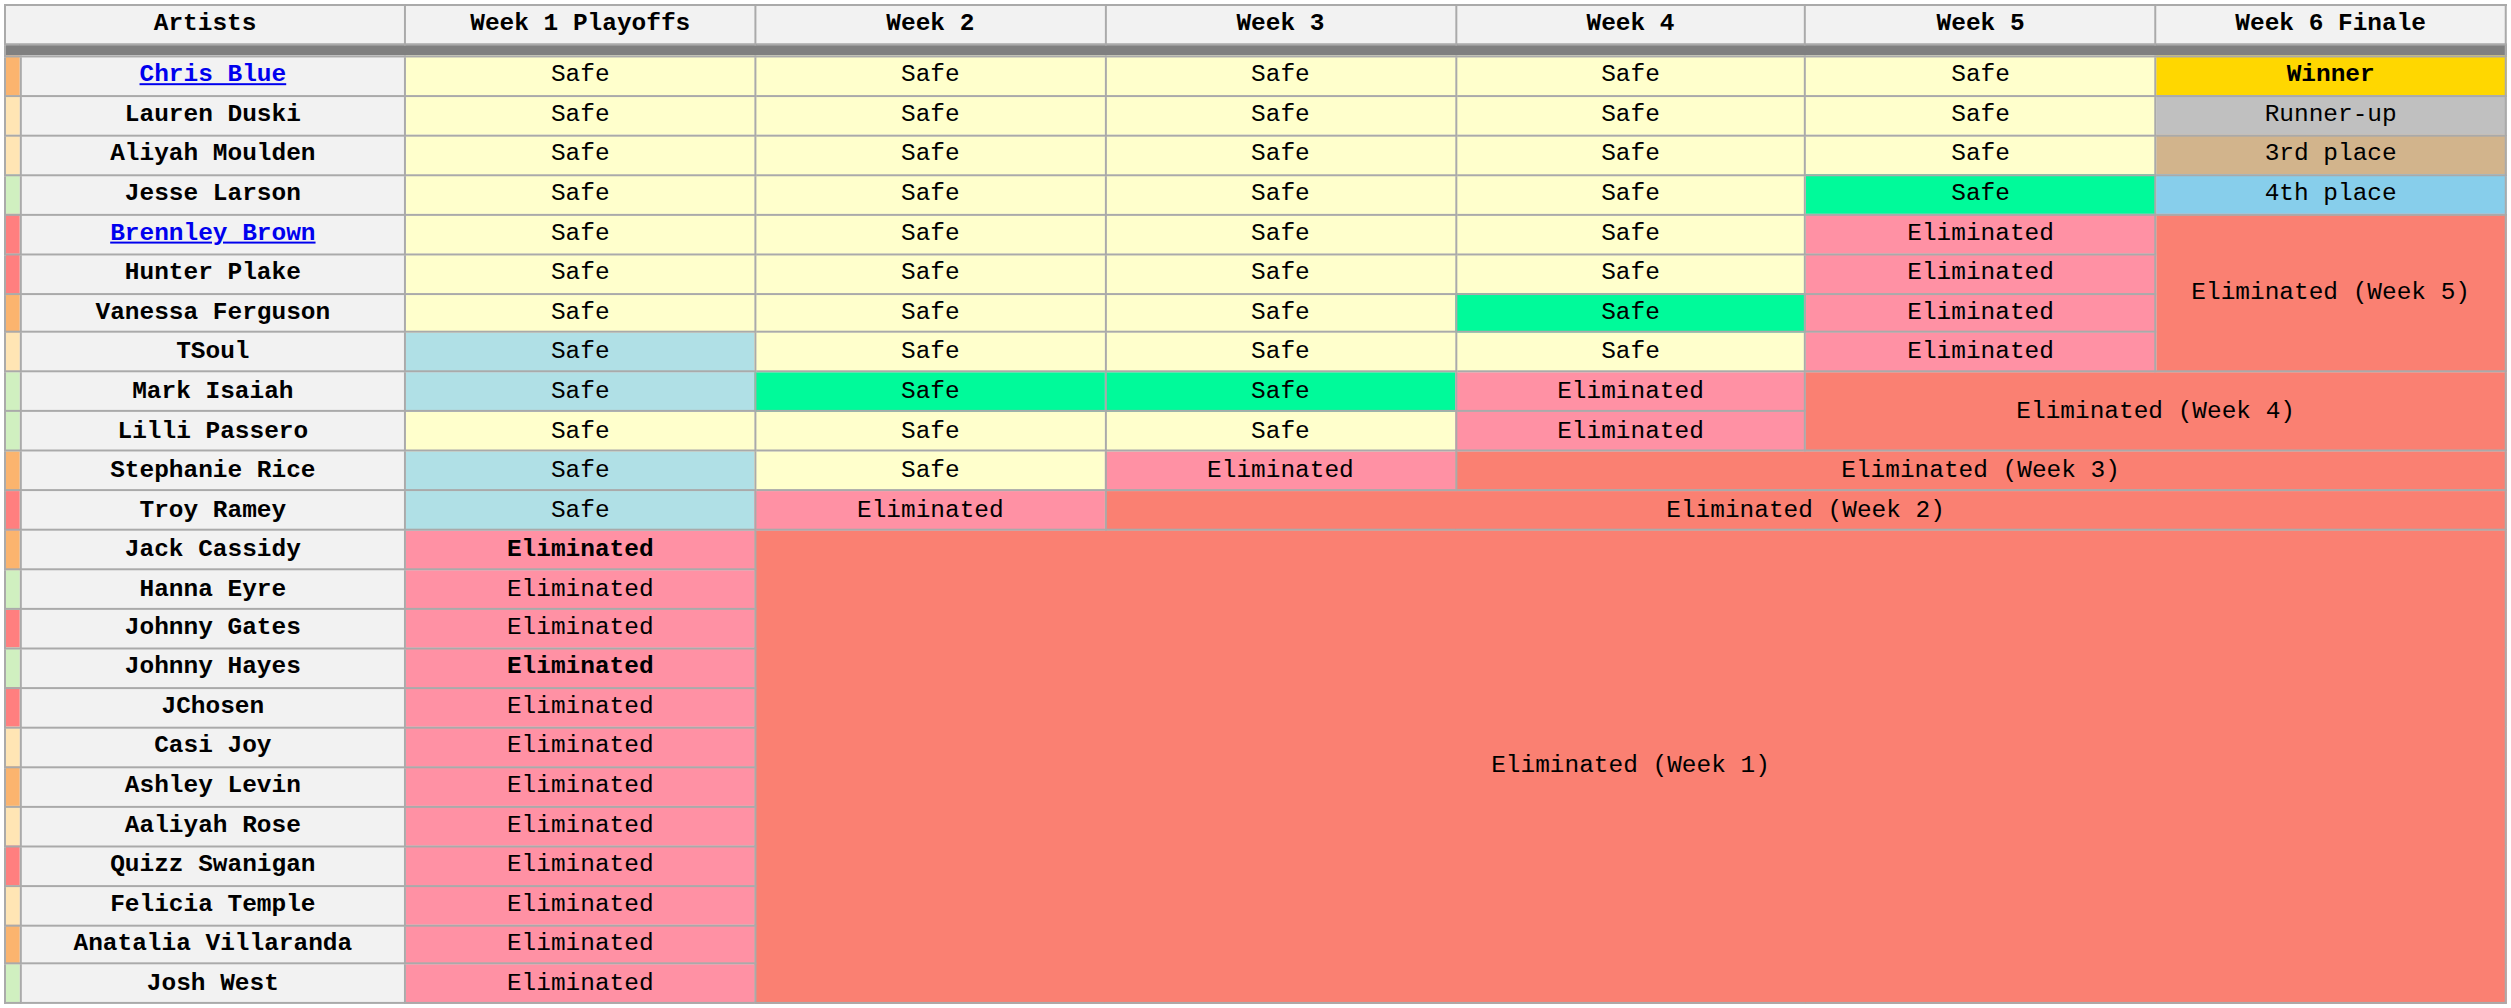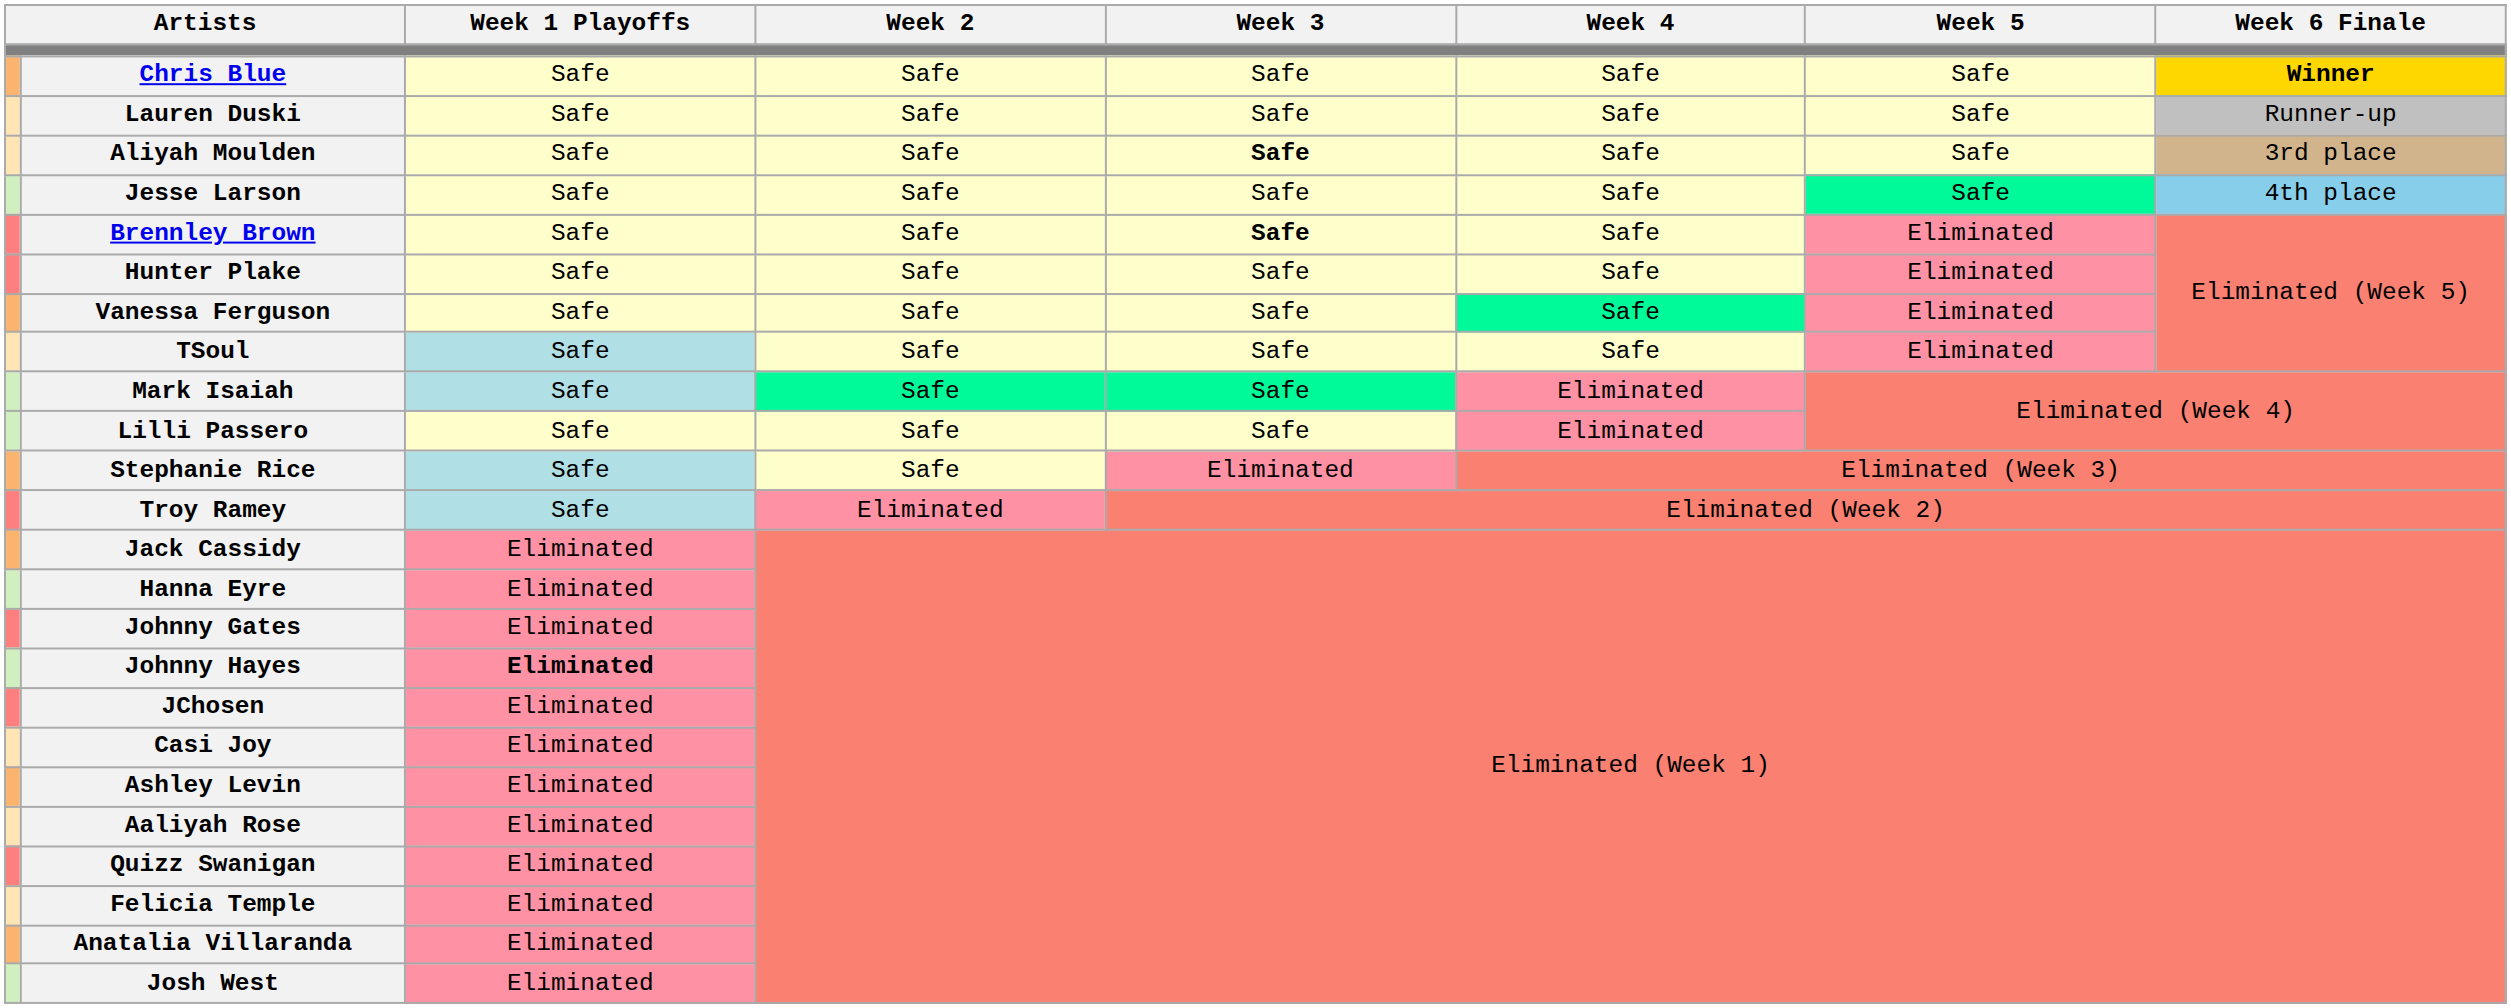 <table class="wikitable"  style="text-align:center; font-size:95%; width:100%;">
 <tr>
 </tr>
 <tr>
 <th colspan="2">Artists</th>
 <th style="width:14%;">Week 1 Playoffs</th>
 <th style="width:14%;">Week 2</th>
 <th style="width:14%;">Week 3</th>
 <th style="width:14%;">Week 4</th>
 <th style="width:14%;">Week 5</th>
 <th style="width:14%;">Week 6 Finale</th>
 </tr>
 <tr>
 <th colspan="9" style="background:gray;"></th>
 </tr>
 <tr>
 <th style="background:#fbb46e;"></th>
 <th><a href='#'>Chris Blue</a></th>
 <td style="background:#FFFFCC;">Safe</td>
 <td style="background:#FFFFCC;">Safe</td>
 <td style="background:#FFFFCC;">Safe</td>
 <td style="background:#FFFFCC;">Safe</td>
 <td style="background:#FFFFCC;">Safe</td>
 <td style="background:gold;"><strong>Winner</strong></td>
 </tr>
 <tr>
 <th style="background:#ffe5b4;"></th>
 <th>Lauren Duski</th>
 <td style="background:#FFFFCC;">Safe</td>
 <td style="background:#FFFFCC;">Safe</td>
 <td style="background:#FFFFCC;">Safe</td>
 <td style="background:#FFFFCC;">Safe</td>
 <td style="background:#FFFFCC;">Safe</td>
 <td style="background:silver;">Runner-up</td>
 </tr>
 <tr>
 <th style="background:#ffe5b4;"></th>
 <th>Aliyah Moulden</th>
 <td style="background:#FFFFCC;">Safe</td>
 <td style="background:#FFFFCC;">Safe</td>
-<td style="background:#FFFFCC;">Safe</td>
+<td style="background:#FFFFCC;"><strong>Safe</strong></td>
 <td style="background:#FFFFCC;">Safe</td>
 <td style="background:#FFFFCC;">Safe</td>
 <td style="background:tan;">3rd place</td>
 </tr>
 <tr>
 <th style="background:#d0f0c0;"></th>
 <th>Jesse Larson</th>
 <td style="background:#FFFFCC;">Safe</td>
 <td style="background:#FFFFCC;">Safe</td>
 <td style="background:#FFFFCC;">Safe</td>
 <td style="background:#FFFFCC;">Safe</td>
 <td style="background:#00FA9A;">Safe</td>
 <td style="background:#87ceeb;">4th place</td>
 </tr>
 <tr>
 <th style="background:#FF7F7F"></th>
 <th><a href='#'>Brennley Brown</a></th>
 <td style="background:#FFFFCC;">Safe</td>
 <td style="background:#FFFFCC;">Safe</td>
-<td style="background:#FFFFCC;">Safe</td>
+<td style="background:#FFFFCC;"><strong>Safe</strong></td>
 <td style="background:#FFFFCC;">Safe</td>
 <td style="background:#FF91A4;">Eliminated</td>
 <td rowspan="4" colspan="4" style="background:salmon;">Eliminated (Week 5)</td>
 </tr>
 <tr>
 <th style="background:#FF7F7F"></th>
 <th>Hunter Plake</th>
 <td style="background:#FFFFCC;">Safe</td>
 <td style="background:#FFFFCC;">Safe</td>
 <td style="background:#FFFFCC;">Safe</td>
 <td style="background:#FFFFCC;">Safe</td>
 <td style="background:#FF91A4;">Eliminated</td>
 </tr>
 <tr>
 <th style="background:#fbb46e;"></th>
 <th>Vanessa Ferguson</th>
 <td style="background:#FFFFCC;">Safe</td>
 <td style="background:#FFFFCC;">Safe</td>
 <td style="background:#FFFFCC;">Safe</td>
 <td style="background:#00FA9A;">Safe</td>
 <td style="background:#FF91A4;">Eliminated</td>
 </tr>
 <tr>
 <th style="background:#ffe5b4;"></th>
 <th>TSoul</th>
 <td style="background:#B0E0E6;">Safe</td>
 <td style="background:#FFFFCC;">Safe</td>
 <td style="background:#FFFFCC;">Safe</td>
 <td style="background:#FFFFCC;">Safe</td>
 <td style="background:#FF91A4;">Eliminated</td>
 </tr>
 <tr>
 <th style="background:#d0f0c0;"></th>
 <th>Mark Isaiah</th>
 <td style="background:#B0E0E6;">Safe</td>
 <td style="background:#00FA9A;">Safe</td>
 <td style="background:#00FA9A;">Safe</td>
 <td style="background:#FF91A4;">Eliminated</td>
 <td rowspan="2" colspan="2" style="background:salmon;">Eliminated (Week 4)</td>
 </tr>
 <tr>
 <th style="background:#d0f0c0;"></th>
 <th>Lilli Passero</th>
 <td style="background:#FFFFCC;">Safe</td>
 <td style="background:#FFFFCC;">Safe</td>
 <td style="background:#FFFFCC;">Safe</td>
 <td style="background:#FF91A4;">Eliminated</td>
 </tr>
 <tr>
 <th style="background:#fbb46e;"></th>
 <th>Stephanie Rice</th>
 <td style="background:#B0E0E6;">Safe</td>
 <td style="background:#FFFFCC;">Safe</td>
 <td style="background:#FF91A4;">Eliminated</td>
 <td colspan="3" style="background:salmon;">Eliminated (Week 3)</td>
 </tr>
 <tr>
 <th style="background:#FF7F7F"></th>
 <th>Troy Ramey</th>
 <td style="background:#B0E0E6;">Safe</td>
 <td style="background:#FF91A4;">Eliminated</td>
 <td colspan="4" style="background:salmon;">Eliminated (Week 2)</td>
 </tr>
 <tr>
 <th style="background:#fbb46e;"></th>
 <th>Jack Cassidy</th>
-<td style="background:#FF91A4;"><strong>Eliminated</strong></td>
+<td style="background:#FF91A4;">Eliminated</td>
 <td rowspan="12" colspan="5" style="background:salmon;">Eliminated (Week 1)</td>
 </tr>
 <tr>
 <th style="background:#d0f0c0;"></th>
 <th>Hanna Eyre</th>
 <td style="background:#FF91A4;">Eliminated</td>
 </tr>
 <tr>
 <th style="background:#FF7F7F"></th>
 <th>Johnny Gates</th>
 <td style="background:#FF91A4;">Eliminated</td>
 </tr>
 <tr>
 <th style="background:#d0f0c0;"></th>
 <th>Johnny Hayes</th>
 <td style="background:#FF91A4;"><strong>Eliminated</strong></td>
 </tr>
 <tr>
 <th style="background:#FF7F7F"></th>
 <th>JChosen</th>
 <td style="background:#FF91A4;">Eliminated</td>
 </tr>
 <tr>
 <th style="background:#ffe5b4;"></th>
 <th>Casi Joy</th>
 <td style="background:#FF91A4;">Eliminated</td>
 </tr>
 <tr>
 <th style="background:#fbb46e;"></th>
 <th>Ashley Levin</th>
 <td style="background:#FF91A4;">Eliminated</td>
 </tr>
 <tr>
 <th style="background:#ffe5b4;"></th>
 <th>Aaliyah Rose</th>
 <td style="background:#FF91A4;">Eliminated</td>
 </tr>
 <tr>
 <th style="background:#FF7F7F"></th>
 <th>Quizz Swanigan</th>
 <td style="background:#FF91A4;">Eliminated</td>
 </tr>
 <tr>
 <th style="background:#ffe5b4;"></th>
 <th>Felicia Temple</th>
 <td style="background:#FF91A4;">Eliminated</td>
 </tr>
 <tr>
 <th style="background:#fbb46e;"></th>
 <th>Anatalia Villaranda</th>
 <td style="background:#FF91A4;">Eliminated</td>
 </tr>
 <tr>
 <th style="background:#d0f0c0;"></th>
 <th>Josh West</th>
 <td style="background:#FF91A4;">Eliminated</td>
 </tr>
 </table>
